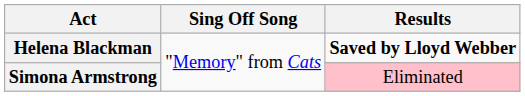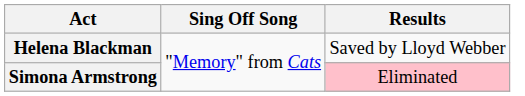 <table class="wikitable plainrowheaders" style="text-align:center;">
 <tr>
 <th scope="col">Act</th>
 <th scope="col">Sing Off Song</th>
 <th scope="col">Results</th>
 </tr>
 <tr>
 <th scope="row">Helena Blackman</th>
 <td rowspan="2">"<a href='#'>Memory</a>" from <em><a href='#'>Cats</a></em></td>
-<td><strong>Saved by Lloyd Webber</strong></td>
+<td>Saved by Lloyd Webber</td>
 </tr>
 <tr>
 <th scope="row">Simona Armstrong</th>
 <td style="background:pink;">Eliminated</td>
 </tr>
 </table>
